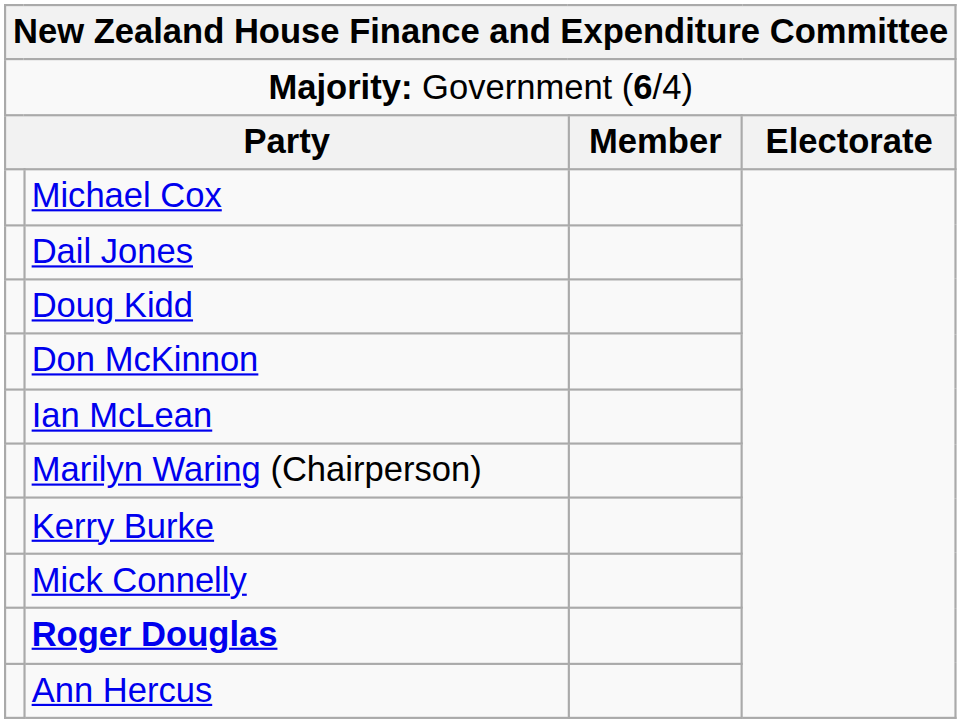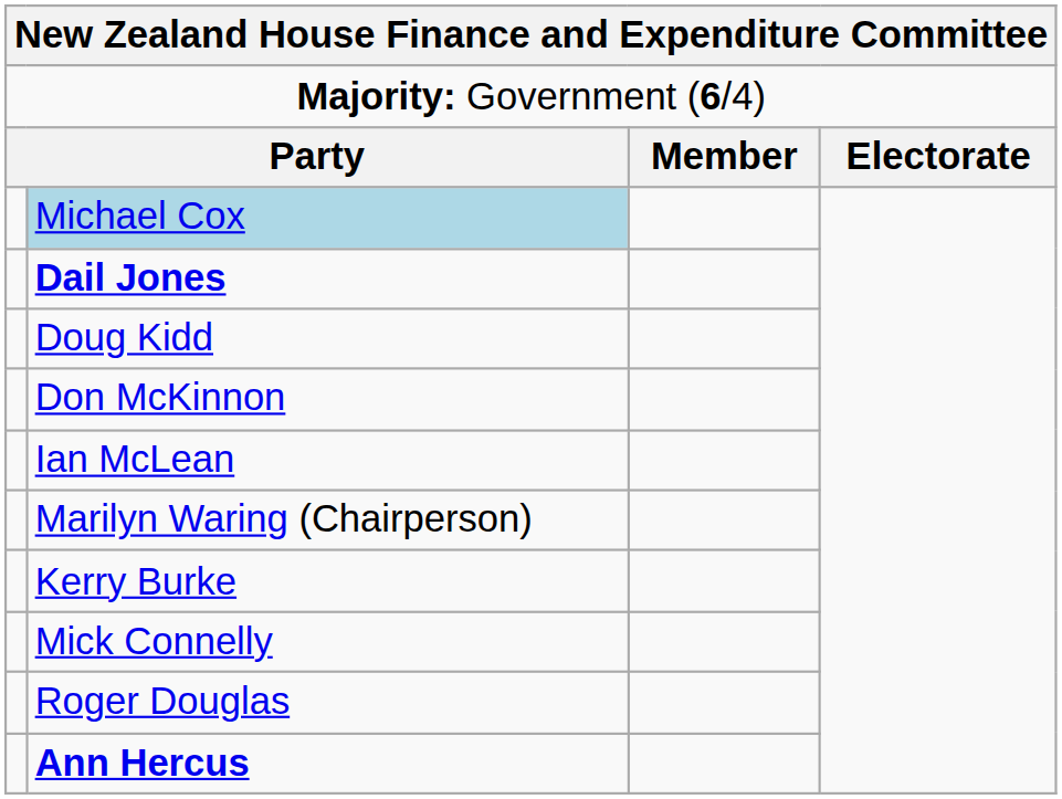 <table class="wikitable">
 <tr>
 <th colspan="4">New Zealand House Finance and Expenditure Committee</th>
 </tr>
 <tr>
 <td colspan="4" style="text-align:center; background:"><strong>Majority:</strong> Government (<strong>6</strong>/4)</td>
 </tr>
 <tr>
 <th colspan="2">Party</th>
 <th>Member</th>
 <th>Electorate</th>
 </tr>
 <tr>
 <td></td>
-<td><a href='#'>Michael Cox</a></td>
+<td style="background: lightblue;"><a href='#'>Michael Cox</a></td>
 <td></td>
 </tr>
 <tr>
 <td></td>
-<td><a href='#'>Dail Jones</a></td>
+<td><strong><a href='#'>Dail Jones</a></strong></td>
 <td></td>
 </tr>
 <tr>
 <td></td>
 <td><a href='#'>Doug Kidd</a></td>
 <td></td>
 </tr>
 <tr>
 <td></td>
 <td><a href='#'>Don McKinnon</a></td>
 <td></td>
 </tr>
 <tr>
 <td></td>
 <td><a href='#'>Ian McLean</a></td>
 <td></td>
 </tr>
 <tr>
 <td></td>
 <td><a href='#'>Marilyn Waring</a> (Chairperson)</td>
 <td></td>
 </tr>
 <tr>
 <td></td>
 <td><a href='#'>Kerry Burke</a></td>
 <td></td>
 </tr>
 <tr>
 <td></td>
 <td><a href='#'>Mick Connelly</a></td>
 <td></td>
 </tr>
 <tr>
 <td></td>
-<td><strong><a href='#'>Roger Douglas</a></strong></td>
+<td><a href='#'>Roger Douglas</a></td>
 <td></td>
 </tr>
 <tr>
 <td></td>
-<td><a href='#'>Ann Hercus</a></td>
+<td><strong><a href='#'>Ann Hercus</a></strong></td>
 <td></td>
 </tr>
 </table>
